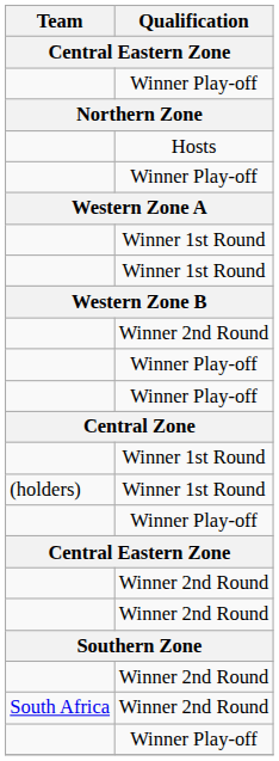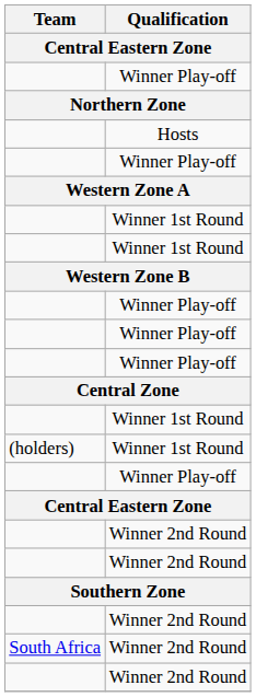 <table class="wikitable">
 <tr>
 <th>Team</th>
 <th>Qualification</th>
 </tr>
 <tr>
 <th colspan=2>Central Eastern Zone</th>
 </tr>
 <tr>
 <td align=left></td>
 <td align=center>Winner Play-off</td>
 </tr>
 <tr>
 <th colspan=2>Northern Zone</th>
 </tr>
 <tr>
 <td align=left></td>
 <td align=center>Hosts</td>
 </tr>
 <tr>
 <td align=left></td>
 <td align=center>Winner Play-off</td>
 </tr>
 <tr>
 <th colspan=2>Western Zone A</th>
 </tr>
 <tr>
 <td align=left></td>
 <td align=center>Winner 1st Round</td>
 </tr>
 <tr>
 <td align=left></td>
 <td align=center>Winner 1st Round</td>
 </tr>
 <tr>
 <th colspan=2>Western Zone B</th>
 </tr>
 <tr>
 <td align=left></td>
-<td align=center>Winner 2nd Round</td>
+<td align=center>Winner Play-off</td>
 </tr>
 <tr>
 <td align=left></td>
 <td align=center>Winner Play-off</td>
 </tr>
 <tr>
 <td align=left></td>
 <td align=center>Winner Play-off</td>
 </tr>
 <tr>
 <th colspan=2>Central Zone</th>
 </tr>
 <tr>
 <td align=left></td>
 <td align=center>Winner 1st Round</td>
 </tr>
 <tr>
 <td align=left> (holders)</td>
 <td align=center>Winner 1st Round</td>
 </tr>
 <tr>
 <td align=left></td>
 <td align=center>Winner Play-off</td>
 </tr>
 <tr>
 <th colspan=2>Central Eastern Zone</th>
 </tr>
 <tr>
 <td align=left></td>
 <td align=center>Winner 2nd Round</td>
 </tr>
 <tr>
 <td align=left></td>
 <td align=center>Winner 2nd Round</td>
 </tr>
 <tr>
 <th colspan=2>Southern Zone</th>
 </tr>
 <tr>
 <td align=left></td>
 <td align=center>Winner 2nd Round</td>
 </tr>
 <tr>
 <td align=left> <a href='#'>South Africa</a></td>
 <td align=center>Winner 2nd Round</td>
 </tr>
 <tr>
 <td align=left></td>
-<td align=center>Winner Play-off</td>
+<td align=center>Winner 2nd Round</td>
 </tr>
 <tr>
 </tr>
 </table>
